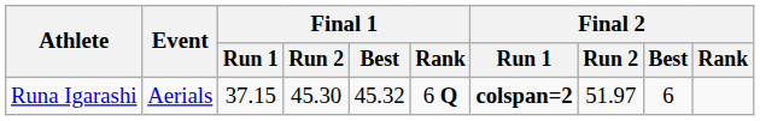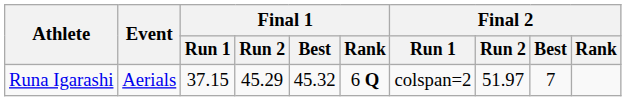 <table class=wikitable style=font-size:90%;text-align:center>
 <tr>
 <th rowspan=2>Athlete</th>
 <th rowspan=2>Event</th>
 <th colspan=4>Final 1</th>
 <th colspan=4>Final 2</th>
 </tr>
 <tr style="font-size:95%">
 <th>Run 1</th>
 <th>Run 2</th>
 <th>Best</th>
 <th>Rank</th>
 <th>Run 1</th>
 <th>Run 2</th>
 <th>Best</th>
 <th>Rank</th>
 </tr>
 <tr align=center>
 <td align=left><a href='#'>Runa Igarashi</a></td>
 <td align=left><a href='#'>Aerials</a></td>
 <td>37.15</td>
-<td>45.30</td>
+<td>45.29</td>
 <td>45.32</td>
 <td>6 <strong>Q</strong></td>
-<td><strong>colspan=2 </strong></td>
+<td>colspan=2 </td>
 <td>51.97</td>
-<td>6</td>
+<td>7</td>
 </tr>
 </table>
